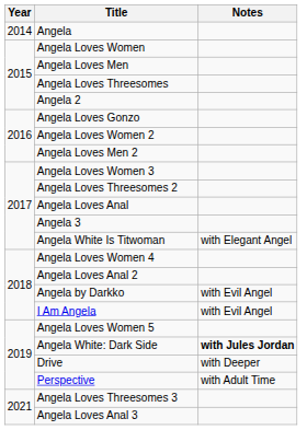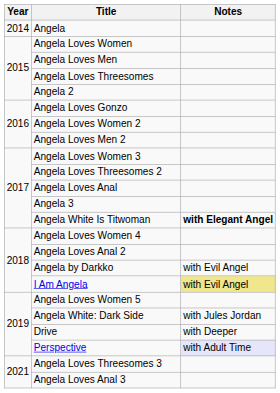 <table class="wikitable">
 <tr>
 <th>Year</th>
 <th width="230">Title</th>
 <th>Notes</th>
 </tr>
 <tr>
 <td rowspan=1>2014</td>
 <td>Angela</td>
 <td></td>
 </tr>
 <tr>
 <td rowspan=4>2015</td>
 <td>Angela Loves Women</td>
 <td></td>
 </tr>
 <tr>
 <td>Angela Loves Men</td>
 <td></td>
 </tr>
 <tr>
 <td>Angela Loves Threesomes</td>
 <td></td>
 </tr>
 <tr>
 <td>Angela 2</td>
 <td></td>
 </tr>
 <tr>
 <td rowspan=3>2016</td>
 <td>Angela Loves Gonzo</td>
 <td></td>
 </tr>
 <tr>
 <td>Angela Loves Women 2</td>
 <td></td>
 </tr>
 <tr>
 <td>Angela Loves Men 2</td>
 <td></td>
 </tr>
 <tr>
 <td rowspan=5>2017</td>
 <td>Angela Loves Women 3</td>
 <td></td>
 </tr>
 <tr>
 <td>Angela Loves Threesomes 2</td>
 <td></td>
 </tr>
 <tr>
 <td>Angela Loves Anal</td>
 <td></td>
 </tr>
 <tr>
 <td>Angela 3</td>
 <td></td>
 </tr>
 <tr>
 <td>Angela White Is Titwoman</td>
-<td>with Elegant Angel</td>
+<td><strong>with Elegant Angel</strong></td>
 </tr>
 <tr>
 <td rowspan=4>2018</td>
 <td>Angela Loves Women 4</td>
 <td></td>
 </tr>
 <tr>
 <td>Angela Loves Anal 2</td>
 <td></td>
 </tr>
 <tr>
 <td>Angela by Darkko</td>
 <td>with Evil Angel</td>
 </tr>
 <tr>
 <td><a href='#'>I Am Angela</a></td>
-<td>with Evil Angel</td>
+<td style="background: khaki;">with Evil Angel</td>
 </tr>
 <tr>
 <td rowspan=4>2019</td>
 <td>Angela Loves Women 5</td>
 <td></td>
 </tr>
 <tr>
 <td>Angela White: Dark Side</td>
-<td><strong>with Jules Jordan</strong></td>
+<td>with Jules Jordan</td>
 </tr>
 <tr>
 <td>Drive</td>
 <td>with Deeper</td>
 </tr>
 <tr>
 <td><a href='#'>Perspective</a></td>
-<td>with Adult Time</td>
+<td style="background: lavender;">with Adult Time</td>
 </tr>
 <tr>
 <td rowspan=2>2021</td>
 <td>Angela Loves Threesomes 3</td>
 <td></td>
 </tr>
 <tr>
 <td>Angela Loves Anal 3</td>
 <td></td>
 </tr>
 </table>
